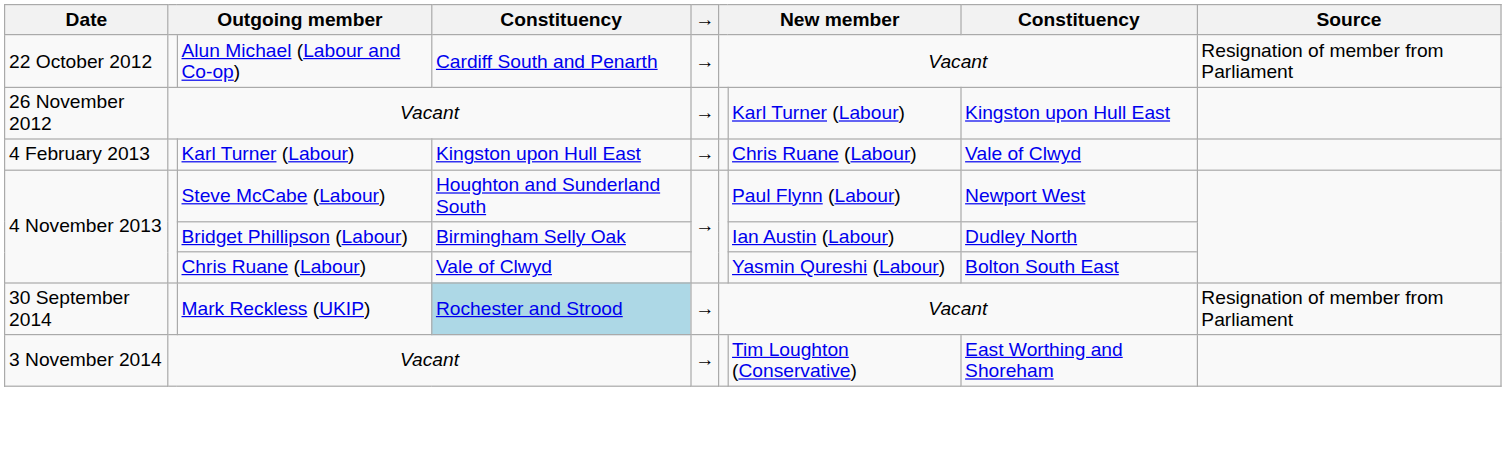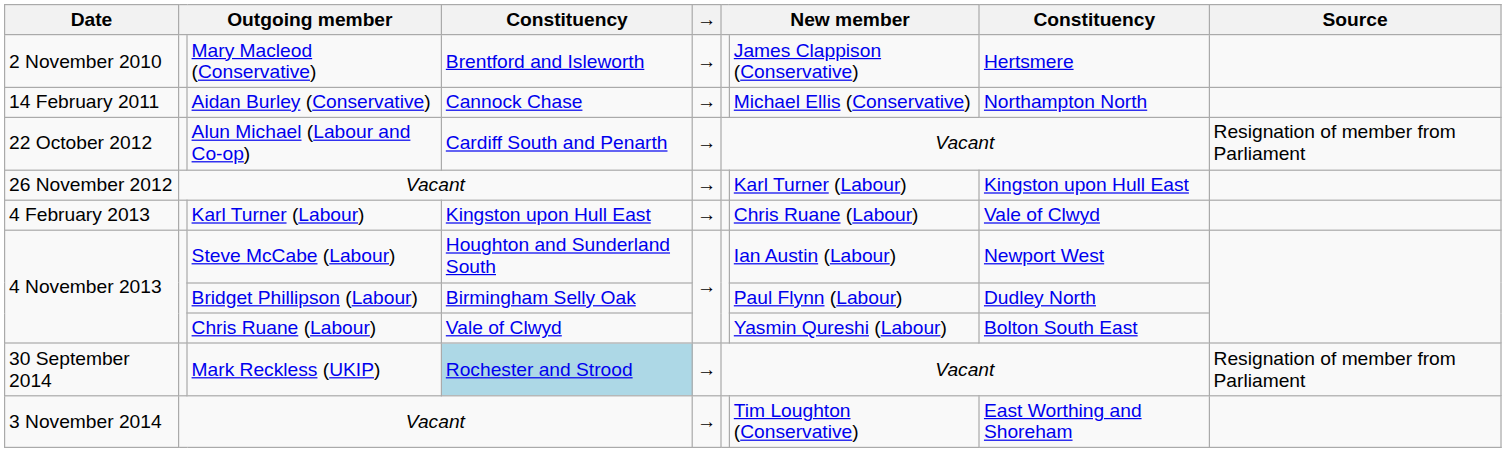 <table class="wikitable">
 <tr>
 <th valign="top">Date</th>
 <th colspan="2" valign="top">Outgoing member</th>
 <th valign="top">Constituency</th>
 <th>→</th>
 <th colspan="2" valign="top">New member</th>
 <th valign="top">Constituency</th>
 <th valign="top">Source</th>
+</tr>
+<tr>
+<td nowrap>2 November 2010</td>
+<td style="color:inherit;background:"></td>
+<td><a href='#'>Mary Macleod</a> (<a href='#'>Conservative</a>)</td>
+<td><a href='#'>Brentford and Isleworth</a></td>
+<td>→</td>
+<td style="color:inherit;background:"></td>
+<td><a href='#'>James Clappison</a> (<a href='#'>Conservative</a>)</td>
+<td><a href='#'>Hertsmere</a></td>
+<td></td>
+</tr>
+<tr>
+<td>14 February 2011</td>
+<td style="color:inherit;background:"></td>
+<td><a href='#'>Aidan Burley</a> (<a href='#'>Conservative</a>)</td>
+<td><a href='#'>Cannock Chase</a></td>
+<td>→</td>
+<td style="color:inherit;background:"></td>
+<td><a href='#'>Michael Ellis</a> (<a href='#'>Conservative</a>)</td>
+<td><a href='#'>Northampton North</a></td>
+<td></td>
 </tr>
 <tr>
 <td>22 October 2012</td>
 <td style="color:inherit;background:"></td>
 <td><a href='#'>Alun Michael</a> (<a href='#'>Labour and Co-op</a>)</td>
 <td><a href='#'>Cardiff South and Penarth</a></td>
 <td>→</td>
 <td colspan="3" style="text-align:center;"><em>Vacant</em></td>
 <td>Resignation of member from Parliament</td>
 </tr>
 <tr>
 <td>26 November 2012</td>
 <td colspan="3" style="text-align:center;"><em>Vacant</em></td>
 <td>→</td>
 <td style="color:inherit;background:"></td>
 <td><a href='#'>Karl Turner</a> (<a href='#'>Labour</a>)</td>
 <td><a href='#'>Kingston upon Hull East</a></td>
 <td></td>
 </tr>
 <tr>
 <td>4 February 2013</td>
 <td style="color:inherit;background:"></td>
 <td><a href='#'>Karl Turner</a> (<a href='#'>Labour</a>)</td>
 <td><a href='#'>Kingston upon Hull East</a></td>
 <td>→</td>
 <td style="color:inherit;background:"></td>
 <td><a href='#'>Chris Ruane</a> (<a href='#'>Labour</a>)</td>
 <td><a href='#'>Vale of Clwyd</a></td>
 <td></td>
 </tr>
 <tr>
 <td rowspan=3>4 November 2013</td>
 <td rowspan=3 style="color:inherit;background:"></td>
 <td><a href='#'>Steve McCabe</a> (<a href='#'>Labour</a>)</td>
 <td><a href='#'>Houghton and Sunderland South</a></td>
 <td rowspan=3>→</td>
 <td rowspan=3 style="color:inherit;background:"></td>
-<td><a href='#'>Paul Flynn</a> (<a href='#'>Labour</a>)</td>
+<td><a href='#'>Ian Austin</a> (<a href='#'>Labour</a>)</td>
 <td><a href='#'>Newport West</a></td>
 <td rowspan=3></td>
 </tr>
 <tr>
 <td><a href='#'>Bridget Phillipson</a> (<a href='#'>Labour</a>)</td>
 <td><a href='#'>Birmingham Selly Oak</a></td>
-<td><a href='#'>Ian Austin</a> (<a href='#'>Labour</a>)</td>
+<td><a href='#'>Paul Flynn</a> (<a href='#'>Labour</a>)</td>
 <td><a href='#'>Dudley North</a></td>
 </tr>
 <tr>
 <td><a href='#'>Chris Ruane</a> (<a href='#'>Labour</a>)</td>
 <td><a href='#'>Vale of Clwyd</a></td>
 <td><a href='#'>Yasmin Qureshi</a> (<a href='#'>Labour</a>)</td>
 <td><a href='#'>Bolton South East</a></td>
 </tr>
 <tr>
 <td>30 September 2014</td>
 <td style="color:inherit;background:"></td>
 <td><a href='#'>Mark Reckless</a> (<a href='#'>UKIP</a>)</td>
 <td style="background: lightblue;"><a href='#'>Rochester and Strood</a></td>
 <td>→</td>
 <td colspan="3" style="text-align:center;"><em>Vacant</em></td>
 <td>Resignation of member from Parliament</td>
 </tr>
 <tr>
 <td>3 November 2014</td>
 <td colspan="3" style="text-align:center;"><em>Vacant</em></td>
 <td>→</td>
 <td style="color:inherit;background:"></td>
 <td><a href='#'>Tim Loughton</a> (<a href='#'>Conservative</a>)</td>
 <td><a href='#'>East Worthing and Shoreham</a></td>
 <td></td>
 </tr>
 </table>
